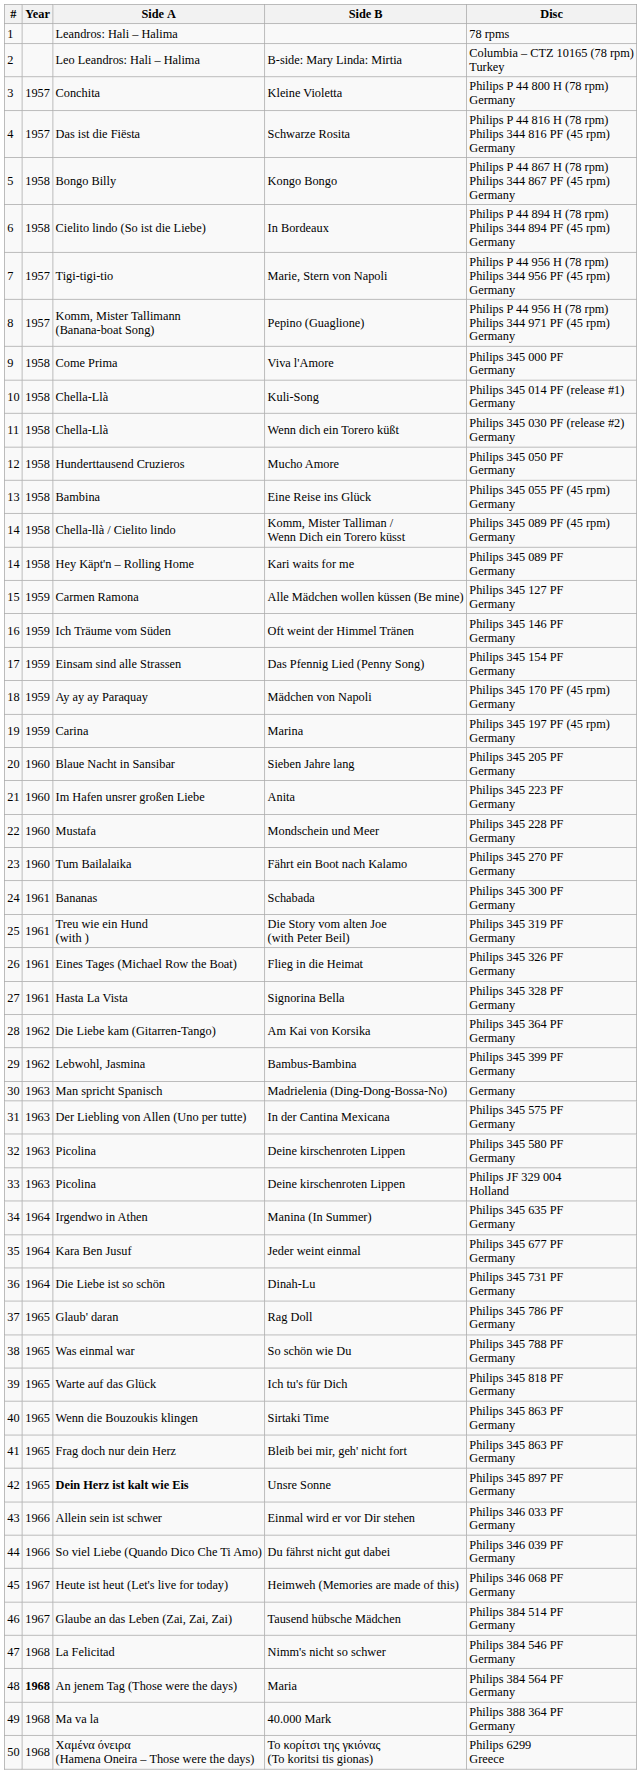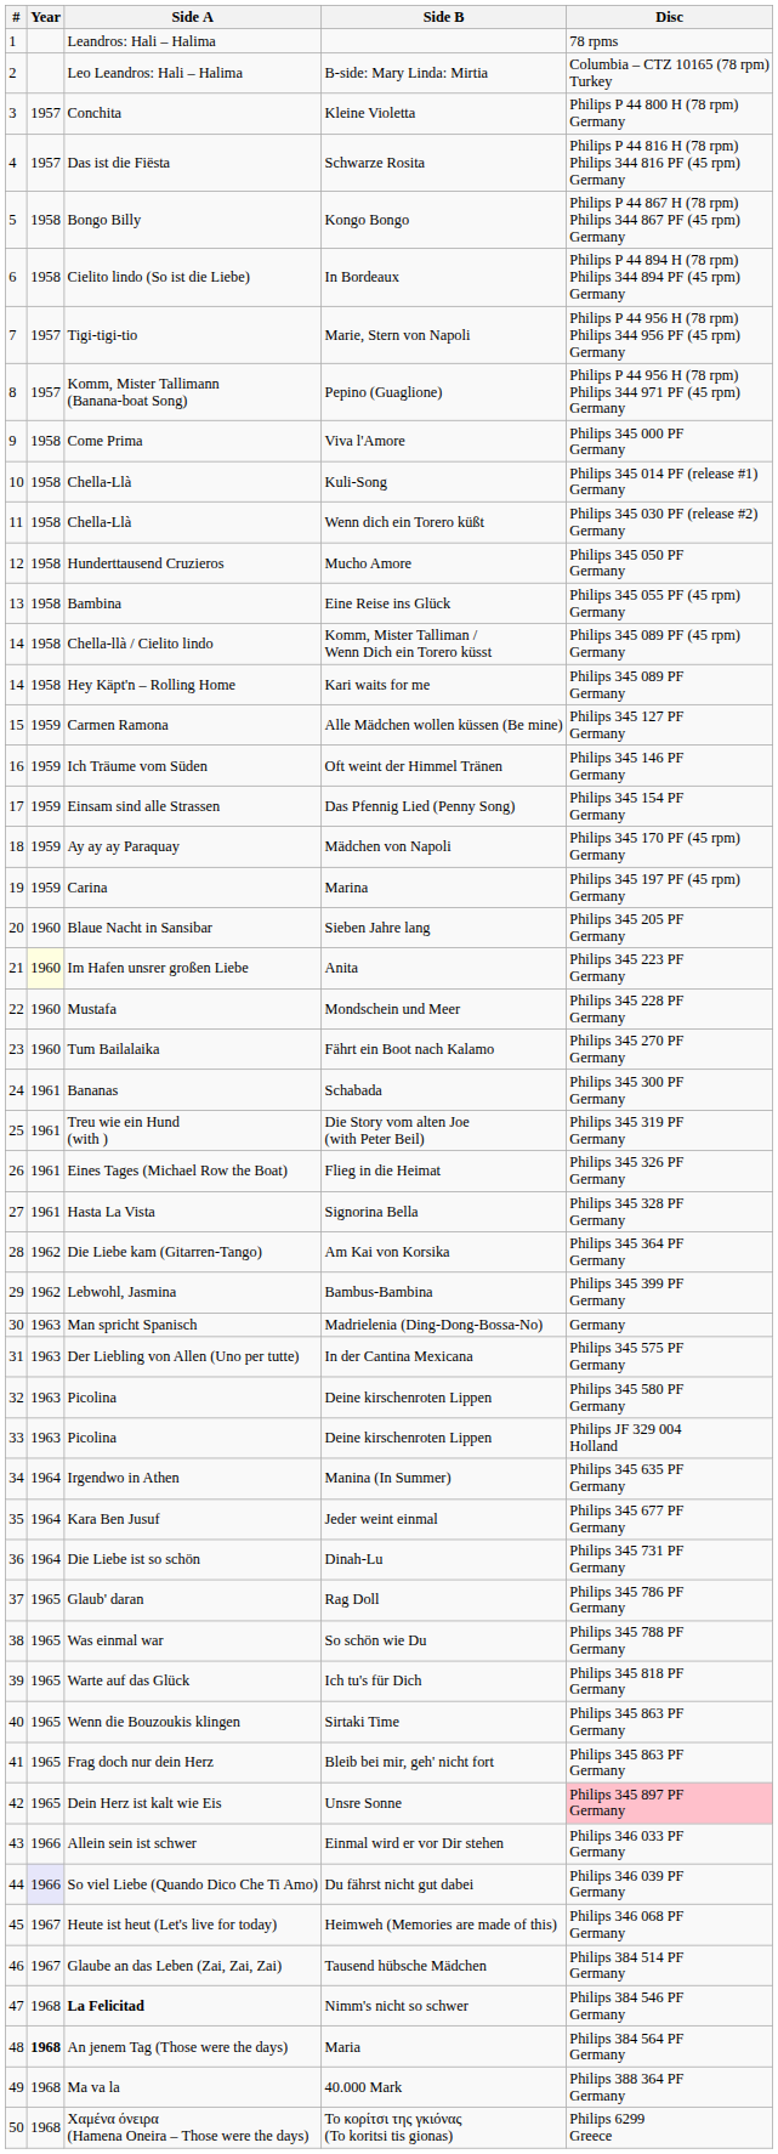 <table class="wikitable">
 <tr>
 <th>#</th>
 <th>Year</th>
 <th>Side Α</th>
 <th>Side Β</th>
 <th>Disc</th>
 </tr>
 <tr>
 <td>1</td>
 <td></td>
 <td>Leandros: Hali – Halima</td>
 <td></td>
 <td>78 rpms</td>
 </tr>
 <tr>
 <td>2</td>
 <td></td>
 <td>Leo Leandros: Hali – Halima</td>
 <td>B-side: Mary Linda: Mirtia</td>
 <td>Columbia – CTZ 10165 (78 rpm)<br>Turkey</td>
 </tr>
 <tr>
 <td>3</td>
 <td>1957</td>
 <td>Conchita</td>
 <td>Kleine Violetta</td>
 <td>Philips P 44 800 H (78 rpm)<br>Germany</td>
 </tr>
 <tr>
 <td>4</td>
 <td>1957</td>
 <td>Das ist die Fiësta</td>
 <td>Schwarze Rosita</td>
 <td>Philips P 44 816 H (78 rpm)<br>Philips 344 816 PF (45 rpm)<br>Germany</td>
 </tr>
 <tr>
 <td>5</td>
 <td>1958</td>
 <td>Bongo Billy</td>
 <td>Kongo Bongo</td>
 <td>Philips P 44 867 H (78 rpm)<br>Philips 344 867 PF (45 rpm)<br>Germany</td>
 </tr>
 <tr>
 <td>6</td>
 <td>1958</td>
 <td>Cielito lindo (So ist die Liebe)</td>
 <td>In Bordeaux</td>
 <td>Philips P 44 894 H (78 rpm)<br>Philips 344 894 PF (45 rpm)<br>Germany</td>
 </tr>
 <tr>
 <td>7</td>
 <td>1957</td>
 <td>Tigi-tigi-tio</td>
 <td>Marie, Stern von Napoli</td>
 <td>Philips P 44 956 H (78 rpm)<br>Philips 344 956 PF (45 rpm)<br>Germany</td>
 </tr>
 <tr>
 <td>8</td>
 <td>1957</td>
 <td>Komm, Mister Tallimann<br>(Banana-boat Song)</td>
 <td>Pepino (Guaglione)</td>
 <td>Philips P 44 956 H (78 rpm)<br>Philips 344 971 PF (45 rpm)<br>Germany</td>
 </tr>
 <tr>
 <td>9</td>
 <td>1958</td>
 <td>Come Prima</td>
 <td>Viva l'Amore</td>
 <td>Philips 345 000 PF<br>Germany</td>
 </tr>
 <tr>
 <td>10</td>
 <td>1958</td>
 <td>Chella-Llà</td>
 <td>Kuli-Song</td>
 <td>Philips 345 014 PF (release #1)<br>Germany</td>
 </tr>
 <tr>
 <td>11</td>
 <td>1958</td>
 <td>Chella-Llà</td>
 <td>Wenn dich ein Torero küßt</td>
 <td>Philips 345 030 PF (release #2)<br>Germany</td>
 </tr>
 <tr>
 <td>12</td>
 <td>1958</td>
 <td>Hunderttausend Cruzieros</td>
 <td>Mucho Amore</td>
 <td>Philips 345 050 PF<br>Germany</td>
 </tr>
 <tr>
 <td>13</td>
 <td>1958</td>
 <td>Bambina</td>
 <td>Eine Reise ins Glück</td>
 <td>Philips 345 055 PF (45 rpm)<br>Germany</td>
 </tr>
 <tr>
 <td>14</td>
 <td>1958</td>
 <td>Chella-llà / Cielito lindo</td>
 <td>Komm, Mister Talliman /<br>Wenn Dich ein Torero küsst</td>
 <td>Philips 345 089 PF (45 rpm)<br>Germany</td>
 </tr>
 <tr>
 <td>14</td>
 <td>1958</td>
 <td>Hey Käpt'n – Rolling Home</td>
 <td>Kari waits for me</td>
 <td>Philips 345 089 PF<br>Germany</td>
 </tr>
 <tr>
 <td>15</td>
 <td>1959</td>
 <td>Carmen Ramona</td>
 <td>Alle Mädchen wollen küssen (Be mine)</td>
 <td>Philips 345 127 PF<br>Germany</td>
 </tr>
 <tr>
 <td>16</td>
 <td>1959</td>
 <td>Ich Träume vom Süden</td>
 <td>Oft weint der Himmel Tränen</td>
 <td>Philips 345 146 PF<br>Germany</td>
 </tr>
 <tr>
 <td>17</td>
 <td>1959</td>
 <td>Einsam sind alle Strassen</td>
 <td>Das Pfennig Lied (Penny Song)</td>
 <td>Philips 345 154 PF<br>Germany</td>
 </tr>
 <tr>
 <td>18</td>
 <td>1959</td>
 <td>Ay ay ay Paraquay</td>
 <td>Mädchen von Napoli</td>
 <td>Philips 345 170 PF (45 rpm)<br>Germany</td>
 </tr>
 <tr>
 <td>19</td>
 <td>1959</td>
 <td>Carina</td>
 <td>Marina</td>
 <td>Philips 345 197 PF (45 rpm)<br>Germany</td>
 </tr>
 <tr>
 <td>20</td>
 <td>1960</td>
 <td>Blaue Nacht in Sansibar</td>
 <td>Sieben Jahre lang</td>
 <td>Philips 345 205 PF<br>Germany</td>
 </tr>
 <tr>
 <td>21</td>
-<td>1960</td>
+<td style="background: lightyellow;">1960</td>
 <td>Im Hafen unsrer großen Liebe</td>
 <td>Anita</td>
 <td>Philips 345 223 PF<br>Germany</td>
 </tr>
 <tr>
 <td>22</td>
 <td>1960</td>
 <td>Mustafa</td>
 <td>Mondschein und Meer</td>
 <td>Philips 345 228 PF<br>Germany</td>
 </tr>
 <tr>
 <td>23</td>
 <td>1960</td>
 <td>Tum Bailalaika</td>
 <td>Fährt ein Boot nach Kalamo</td>
 <td>Philips 345 270 PF<br>Germany</td>
 </tr>
 <tr>
 <td>24</td>
 <td>1961</td>
 <td>Bananas</td>
 <td>Schabada</td>
 <td>Philips 345 300 PF<br>Germany</td>
 </tr>
 <tr>
 <td>25</td>
 <td>1961</td>
 <td>Treu wie ein Hund<br>(with )</td>
 <td>Die Story vom alten Joe<br>(with Peter Beil)</td>
 <td>Philips 345 319 PF<br>Germany</td>
 </tr>
 <tr>
 <td>26</td>
 <td>1961</td>
 <td>Eines Tages (Michael Row the Boat)</td>
 <td>Flieg in die Heimat</td>
 <td>Philips 345 326 PF<br>Germany</td>
 </tr>
 <tr>
 <td>27</td>
 <td>1961</td>
 <td>Hasta La Vista</td>
 <td>Signorina Bella</td>
 <td>Philips 345 328 PF<br>Germany</td>
 </tr>
 <tr>
 <td>28</td>
 <td>1962</td>
 <td>Die Liebe kam (Gitarren-Tango)</td>
 <td>Am Kai von Korsika</td>
 <td>Philips 345 364 PF<br>Germany</td>
 </tr>
 <tr>
 <td>29</td>
 <td>1962</td>
 <td>Lebwohl, Jasmina</td>
 <td>Bambus-Bambina</td>
 <td>Philips 345 399 PF<br>Germany</td>
 </tr>
 <tr>
 <td>30</td>
 <td>1963</td>
 <td>Man spricht Spanisch</td>
 <td>Madrielenia (Ding-Dong-Bossa-No)</td>
 <td Philips 345 559 PF>Germany</td>
 </tr>
 <tr>
 <td>31</td>
 <td>1963</td>
 <td>Der Liebling von Allen (Uno per tutte)</td>
 <td>In der Cantina Mexicana</td>
 <td>Philips 345 575 PF<br>Germany</td>
 </tr>
 <tr>
 <td>32</td>
 <td>1963</td>
 <td>Picolina</td>
 <td>Deine kirschenroten Lippen</td>
 <td>Philips 345 580 PF<br>Germany</td>
 </tr>
 <tr>
 <td>33</td>
 <td>1963</td>
 <td>Picolina</td>
 <td>Deine kirschenroten Lippen</td>
 <td>Philips JF 329 004<br>Holland</td>
 </tr>
 <tr>
 <td>34</td>
 <td>1964</td>
 <td>Irgendwo in Athen</td>
 <td>Manina (In Summer)</td>
 <td>Philips 345 635 PF<br>Germany</td>
 </tr>
 <tr>
 <td>35</td>
 <td>1964</td>
 <td>Kara Ben Jusuf</td>
 <td>Jeder weint einmal</td>
 <td>Philips 345 677 PF<br>Germany</td>
 </tr>
 <tr>
 <td>36</td>
 <td>1964</td>
 <td>Die Liebe ist so schön</td>
 <td>Dinah-Lu</td>
 <td>Philips 345 731 PF<br>Germany</td>
 </tr>
 <tr>
 <td>37</td>
 <td>1965</td>
 <td>Glaub' daran</td>
 <td>Rag Doll</td>
 <td>Philips 345 786 PF<br>Germany</td>
 </tr>
 <tr>
 <td>38</td>
 <td>1965</td>
 <td>Was einmal war</td>
 <td>So schön wie Du</td>
 <td>Philips 345 788 PF<br>Germany</td>
 </tr>
 <tr>
 <td>39</td>
 <td>1965</td>
 <td>Warte auf das Glück</td>
 <td>Ich tu's für Dich</td>
 <td>Philips 345 818 PF<br>Germany</td>
 </tr>
 <tr>
 <td>40</td>
 <td>1965</td>
 <td>Wenn die Bouzoukis klingen</td>
 <td>Sirtaki Time</td>
 <td>Philips 345 863 PF<br>Germany</td>
 </tr>
 <tr>
 <td>41</td>
 <td>1965</td>
 <td>Frag doch nur dein Herz</td>
 <td>Bleib bei mir, geh' nicht fort</td>
 <td>Philips 345 863 PF<br>Germany</td>
 </tr>
 <tr>
 <td>42</td>
 <td>1965</td>
-<td><strong>Dein Herz ist kalt wie Eis</strong></td>
+<td>Dein Herz ist kalt wie Eis</td>
 <td>Unsre Sonne</td>
-<td>Philips 345 897 PF<br>Germany</td>
+<td style="background: pink;">Philips 345 897 PF<br>Germany</td>
 </tr>
 <tr>
 <td>43</td>
 <td>1966</td>
 <td>Allein sein ist schwer</td>
 <td>Einmal wird er vor Dir stehen</td>
 <td>Philips 346 033 PF<br>Germany</td>
 </tr>
 <tr>
 <td>44</td>
-<td>1966</td>
+<td style="background: lavender;">1966</td>
 <td>So viel Liebe (Quando Dico Che Ti Amo)</td>
 <td>Du fährst nicht gut dabei</td>
 <td>Philips 346 039 PF<br>Germany</td>
 </tr>
 <tr>
 <td>45</td>
 <td>1967</td>
 <td>Heute ist heut (Let's live for today)</td>
 <td>Heimweh (Memories are made of this)</td>
 <td>Philips 346 068 PF<br>Germany</td>
 </tr>
 <tr>
 <td>46</td>
 <td>1967</td>
 <td>Glaube an das Leben (Zai, Zai, Zai)</td>
 <td>Tausend hübsche Mädchen</td>
 <td>Philips 384 514 PF<br>Germany</td>
 </tr>
 <tr>
 <td>47</td>
 <td>1968</td>
-<td>La Felicitad</td>
+<td><strong>La Felicitad</strong></td>
 <td>Nimm's nicht so schwer</td>
 <td>Philips 384 546 PF<br>Germany</td>
 </tr>
 <tr>
 <td>48</td>
 <td><strong>1968</strong></td>
 <td>An jenem Tag (Those were the days)</td>
 <td>Maria</td>
 <td>Philips 384 564 PF<br>Germany</td>
 </tr>
 <tr>
 <td>49</td>
 <td>1968</td>
 <td>Ma va la</td>
 <td>40.000 Mark</td>
 <td>Philips 388 364 PF<br>Germany</td>
 </tr>
 <tr>
 <td>50</td>
 <td>1968</td>
 <td>Χαμένα όνειρα<br>(Hamena Oneira – Those were the days)</td>
 <td>Το κορίτσι της γκιόνας<br>(To koritsi tis gionas)</td>
 <td>Philips 6299<br>Greece</td>
 </tr>
 </table>
